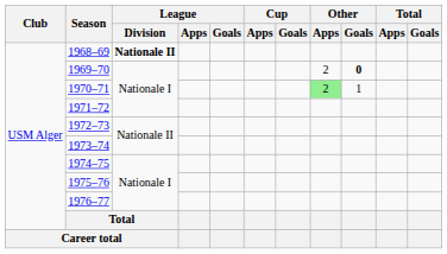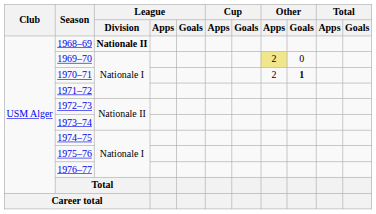 <table class="wikitable" style="text-align:center">
 <tr>
 <th rowspan="2">Club</th>
 <th rowspan="2">Season</th>
 <th colspan="3">League</th>
 <th colspan="2">Cup</th>
 <th colspan="2">Other</th>
 <th colspan="2">Total</th>
 </tr>
 <tr>
 <th>Division</th>
 <th>Apps</th>
 <th>Goals</th>
 <th>Apps</th>
 <th>Goals</th>
 <th>Apps</th>
 <th>Goals</th>
 <th>Apps</th>
 <th>Goals</th>
 </tr>
 <tr>
 <td rowspan="10"><a href='#'>USM Alger</a></td>
 <td><a href='#'>1968–69</a></td>
 <td><strong>Nationale II</strong></td>
 <td></td>
 <td></td>
 <td></td>
 <td></td>
 <td></td>
 <td></td>
 <td></td>
 <td></td>
 </tr>
 <tr>
 <td><a href='#'>1969–70</a></td>
 <td rowspan="3">Nationale I</td>
 <td></td>
 <td></td>
 <td></td>
 <td></td>
-<td>2</td>
-<td><strong>0</strong></td>
+<td style="background: khaki;">2</td>
+<td>0</td>
 <td></td>
 <td></td>
 </tr>
 <tr>
 <td><a href='#'>1970–71</a></td>
 <td></td>
 <td></td>
 <td></td>
 <td></td>
-<td style="background: lightgreen;">2</td>
-<td>1</td>
+<td>2</td>
+<td><strong>1</strong></td>
 <td></td>
 <td></td>
 </tr>
 <tr>
 <td><a href='#'>1971–72</a></td>
 <td></td>
 <td></td>
 <td></td>
 <td></td>
 <td></td>
 <td></td>
 <td></td>
 <td></td>
 </tr>
 <tr>
 <td><a href='#'>1972–73</a></td>
 <td rowspan=2>Nationale II</td>
 <td></td>
 <td></td>
 <td></td>
 <td></td>
 <td></td>
 <td></td>
 <td></td>
 <td></td>
 </tr>
 <tr>
 <td><a href='#'>1973–74</a></td>
 <td></td>
 <td></td>
 <td></td>
 <td></td>
 <td></td>
 <td></td>
 <td></td>
 <td></td>
 </tr>
 <tr>
 <td><a href='#'>1974–75</a></td>
 <td rowspan=3>Nationale I</td>
 <td></td>
 <td></td>
 <td></td>
 <td></td>
 <td></td>
 <td></td>
 <td></td>
 <td></td>
 </tr>
 <tr>
 <td><a href='#'>1975–76</a></td>
 <td></td>
 <td></td>
 <td></td>
 <td></td>
 <td></td>
 <td></td>
 <td></td>
 <td></td>
 </tr>
 <tr>
 <td><a href='#'>1976–77</a></td>
 <td></td>
 <td></td>
 <td></td>
 <td></td>
 <td></td>
 <td></td>
 <td></td>
 <td></td>
 </tr>
 <tr>
 <th colspan="2">Total</th>
 <th></th>
 <th></th>
 <th></th>
 <th></th>
 <th></th>
 <th></th>
 <th></th>
 <th></th>
 </tr>
 <tr>
 <th colspan="3">Career total</th>
 <th></th>
 <th></th>
 <th></th>
 <th></th>
 <th></th>
 <th></th>
 <th></th>
 <th></th>
 </tr>
 </table>
